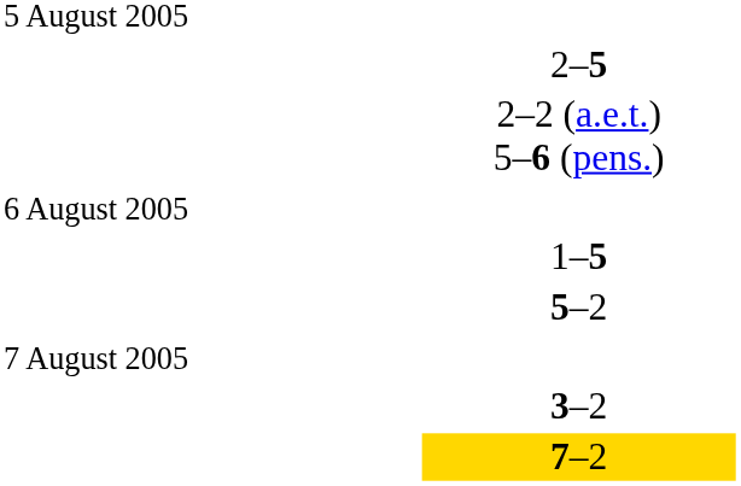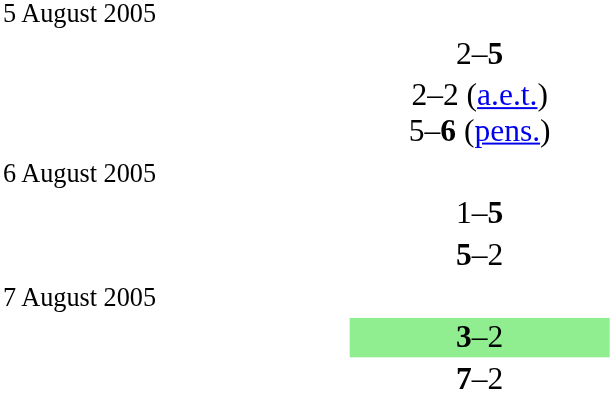 <table width=100% cellspacing=1>
 <tr>
 <th width=20%></th>
 <th width=15%></th>
 <th></th>
 </tr>
 <tr>
 <td><small>5 August 2005</small></td>
 </tr>
 <tr>
 <td align=right></td>
 <td align=center>2–<strong>5</strong></td>
 <td><strong></strong></td>
 </tr>
 <tr>
 <td align=right></td>
 <td align=center>2–2 (<a href='#'>a.e.t.</a>)<br>5–<strong>6</strong> (<a href='#'>pens.</a>)</td>
 <td><strong></strong></td>
 </tr>
 <tr>
 <td><small>6 August 2005</small></td>
 </tr>
 <tr>
 <td align=right></td>
 <td align=center>1–<strong>5</strong></td>
 <td><strong></strong></td>
 </tr>
 <tr>
 <td align=right><strong></strong></td>
 <td align=center><strong>5</strong>–2</td>
 <td></td>
 </tr>
 <tr>
 <td><small>7 August 2005</small></td>
 </tr>
 <tr>
 <td align=right><strong></strong></td>
-<td align=center><strong>3</strong>–2</td>
+<td align=center style="background: lightgreen;"><strong>3</strong>–2</td>
 <td></td>
 </tr>
 <tr>
 <td align=right><strong></strong></td>
-<td align=center style="background: gold;"><strong>7</strong>–2</td>
+<td align=center><strong>7</strong>–2</td>
 <td></td>
 </tr>
 </table>
